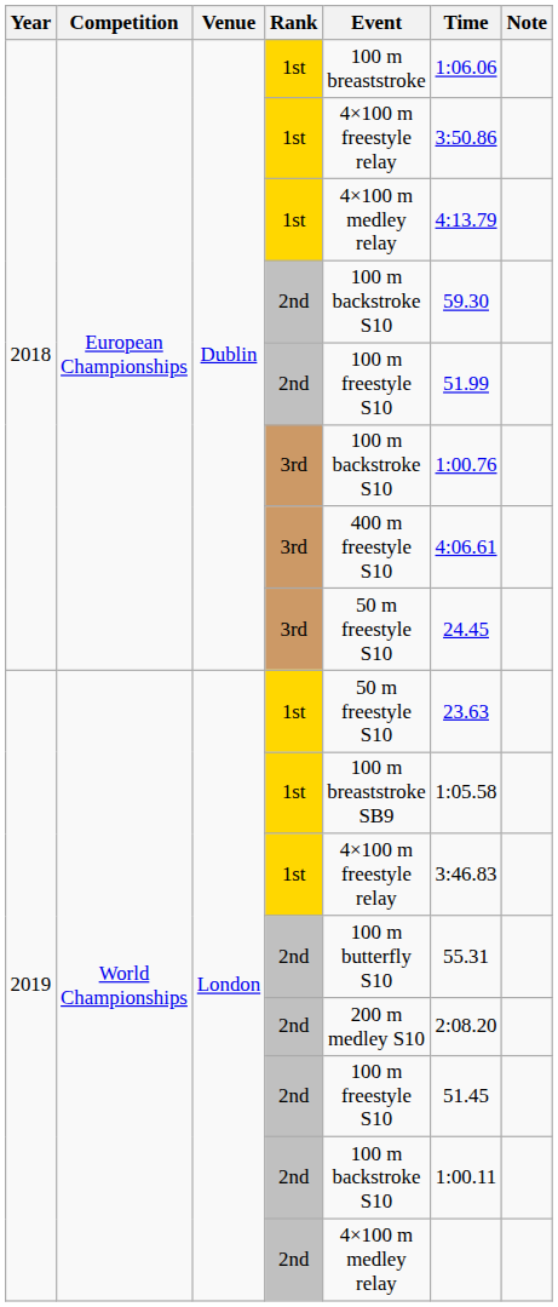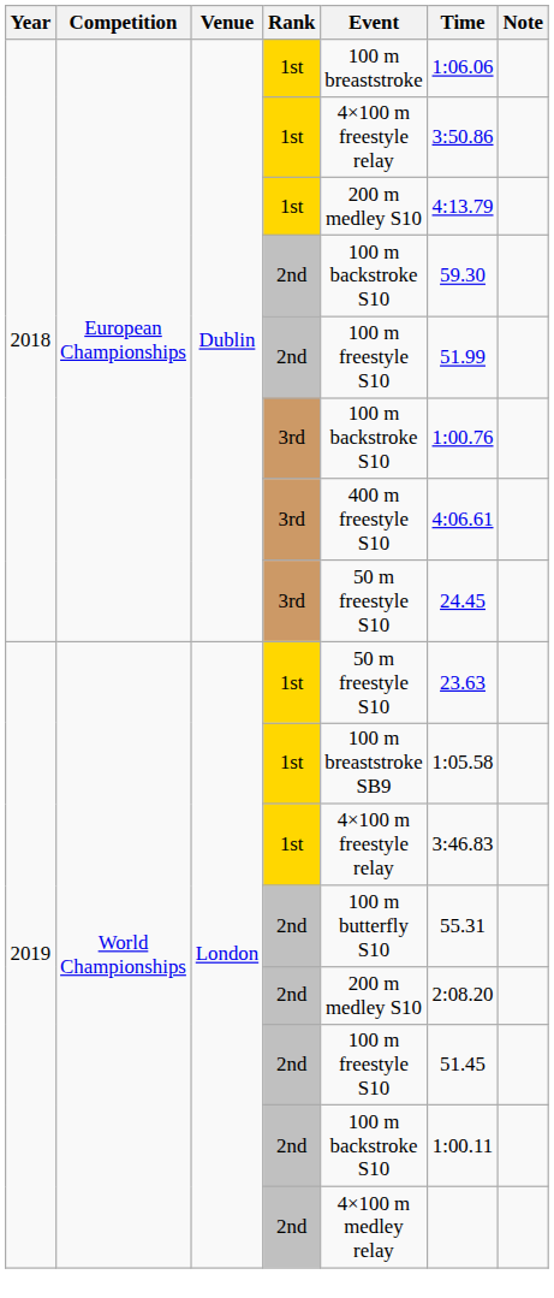 <table class="wikitable sortable" width=60% style="font-size:90%; text-align:center;">
 <tr>
 <th>Year</th>
 <th>Competition</th>
 <th>Venue</th>
 <th>Rank</th>
 <th>Event</th>
 <th>Time</th>
 <th>Note</th>
 </tr>
 <tr>
 <td rowspan=8>2018</td>
 <td rowspan=8align=left><a href='#'>European Championships</a></td>
 <td rowspan=8align=left> <a href='#'>Dublin</a></td>
 <td bgcolor=gold>1st</td>
 <td>100 m breaststroke</td>
 <td><a href='#'>1:06.06</a></td>
 <td></td>
 </tr>
 <tr>
 <td bgcolor=gold>1st</td>
 <td>4×100 m freestyle relay</td>
 <td><a href='#'>3:50.86</a></td>
 <td></td>
 </tr>
 <tr>
 <td bgcolor=gold>1st</td>
-<td>4×100 m medley relay</td>
+<td>200 m medley S10</td>
 <td><a href='#'>4:13.79</a></td>
 <td></td>
 </tr>
 <tr>
 <td bgcolor=silver>2nd</td>
 <td>100 m backstroke S10</td>
 <td><a href='#'>59.30</a></td>
 <td></td>
 </tr>
 <tr>
 <td bgcolor=silver>2nd</td>
 <td>100 m freestyle S10</td>
 <td><a href='#'>51.99</a></td>
 <td></td>
 </tr>
 <tr>
 <td bgcolor=cc9966>3rd</td>
 <td>100 m backstroke S10</td>
 <td><a href='#'>1:00.76</a></td>
 <td></td>
 </tr>
 <tr>
 <td bgcolor=cc9966>3rd</td>
 <td>400 m freestyle S10</td>
 <td><a href='#'>4:06.61</a></td>
 <td></td>
 </tr>
 <tr>
 <td bgcolor=cc9966>3rd</td>
 <td>50 m freestyle S10</td>
 <td><a href='#'>24.45</a></td>
 <td></td>
 </tr>
 <tr>
 <td rowspan=8>2019</td>
 <td rowspan=8align=left><a href='#'>World Championships</a></td>
 <td rowspan=8align=left> <a href='#'>London</a></td>
 <td bgcolor=gold>1st</td>
 <td>50 m freestyle S10</td>
 <td><a href='#'>23.63</a></td>
 <td></td>
 </tr>
 <tr>
 <td bgcolor=gold>1st</td>
 <td>100 m breaststroke SB9</td>
 <td>1:05.58</td>
 <td></td>
 </tr>
 <tr>
 <td bgcolor=gold>1st</td>
 <td>4×100 m freestyle relay</td>
 <td>3:46.83</td>
 <td></td>
 </tr>
 <tr>
 <td bgcolor=silver>2nd</td>
 <td>100 m butterfly S10</td>
 <td>55.31</td>
 <td></td>
 </tr>
 <tr>
 <td bgcolor=silver>2nd</td>
 <td>200 m medley S10</td>
 <td>2:08.20</td>
 <td></td>
 </tr>
 <tr>
 <td bgcolor=silver>2nd</td>
 <td>100 m freestyle S10</td>
 <td>51.45</td>
 <td></td>
 </tr>
 <tr>
 <td bgcolor=silver>2nd</td>
 <td>100 m backstroke S10</td>
 <td>1:00.11</td>
 <td></td>
 </tr>
 <tr>
 <td bgcolor=silver>2nd</td>
 <td>4×100 m medley relay</td>
 <td></td>
 <td></td>
 </tr>
 </table>
